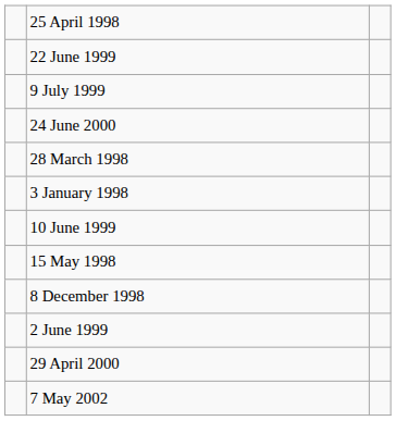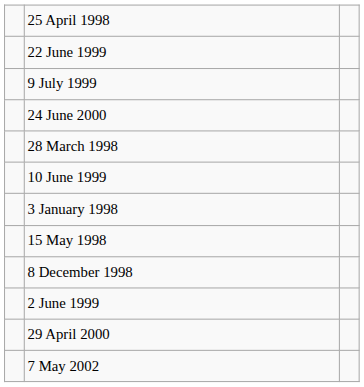 <table class="wikitable" style="font-size: 89%; float: left; width: 24em; margin-right: 1em; line-height: 1.65em !important; height: 324px;">
 <tr>
 <td></td>
 <td>25 April 1998</td>
 <td></td>
 </tr>
 <tr>
 <td></td>
 <td>22 June 1999</td>
 <td></td>
 </tr>
 <tr>
 <td></td>
 <td>9 July 1999</td>
 <td></td>
 </tr>
 <tr>
 <td></td>
 <td>24 June 2000</td>
 <td></td>
 </tr>
 <tr>
 <td></td>
 <td>28 March 1998</td>
 <td></td>
 </tr>
 <tr>
 <td></td>
-<td>3 January 1998</td>
+<td>10 June 1999</td>
 <td></td>
 </tr>
 <tr>
 <td></td>
-<td>10 June 1999</td>
+<td>3 January 1998</td>
 <td></td>
 </tr>
 <tr>
 <td></td>
 <td>15 May 1998</td>
 <td></td>
 </tr>
 <tr>
 <td></td>
 <td>8 December 1998</td>
 <td></td>
 </tr>
 <tr>
 <td></td>
 <td>2 June 1999</td>
 <td></td>
 </tr>
 <tr>
 <td></td>
 <td>29 April 2000</td>
 <td></td>
 </tr>
 <tr>
 <td></td>
 <td>7 May 2002</td>
 <td></td>
 </tr>
 </table>
